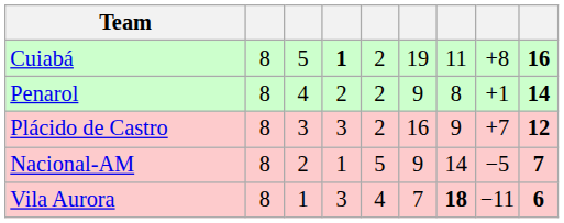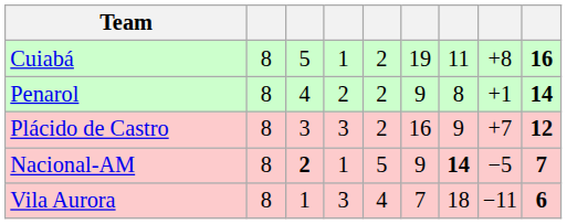 <table class="wikitable" style="text-align: center;">
 <tr>
 <th width=165>Team</th>
 <th width=20></th>
 <th width=20></th>
 <th width=20></th>
 <th width=20></th>
 <th width=20></th>
 <th width=20></th>
 <th width=20></th>
 <th width=20></th>
 </tr>
 <tr bgcolor=#ccffcc>
 <td align=left> <a href='#'>Cuiabá</a></td>
 <td>8</td>
 <td>5</td>
-<td><strong>1</strong></td>
+<td>1</td>
 <td>2</td>
 <td>19</td>
 <td>11</td>
 <td>+8</td>
 <td><strong>16</strong></td>
 </tr>
 <tr bgcolor=#ccffcc>
 <td align=left> <a href='#'>Penarol</a></td>
 <td>8</td>
 <td>4</td>
 <td>2</td>
 <td>2</td>
 <td>9</td>
 <td>8</td>
 <td>+1</td>
 <td><strong>14</strong></td>
 </tr>
 <tr bgcolor=#FDCBCC>
 <td align=left> <a href='#'>Plácido de Castro</a></td>
 <td>8</td>
 <td>3</td>
 <td>3</td>
 <td>2</td>
 <td>16</td>
 <td>9</td>
 <td>+7</td>
 <td><strong>12</strong></td>
 </tr>
 <tr bgcolor=#FDCBCC>
 <td align=left> <a href='#'>Nacional-AM</a></td>
 <td>8</td>
-<td>2</td>
+<td><strong>2</strong></td>
 <td>1</td>
 <td>5</td>
 <td>9</td>
-<td>14</td>
+<td><strong>14</strong></td>
 <td>−5</td>
 <td><strong>7</strong></td>
 </tr>
 <tr bgcolor=#FDCBCC>
 <td align=left> <a href='#'>Vila Aurora</a></td>
 <td>8</td>
 <td>1</td>
 <td>3</td>
 <td>4</td>
 <td>7</td>
-<td><strong>18</strong></td>
+<td>18</td>
 <td>−11</td>
 <td><strong>6</strong></td>
 </tr>
 </table>
